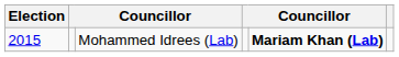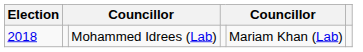 <table class="wikitable">
 <tr>
 <th>Election</th>
 <th colspan="2">Councillor</th>
 <th colspan="2">Councillor</th>
 <th colspan="2"></th>
 </tr>
 <tr>
-<td><a href='#'>2015</a></td>
+<td><a href='#'>2018</a></td>
 <td style="background-color: "></td>
 <td>Mohammed Idrees (<a href='#'>Lab</a>)</td>
 <td style="background-color: "></td>
-<td><strong>Mariam Khan (<a href='#'>Lab</a>)</strong></td>
+<td>Mariam Khan (<a href='#'>Lab</a>)</td>
 </tr>
 </table>
